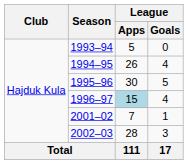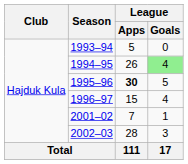 <table class="wikitable" style="text-align:center">
 <tr>
 <th rowspan="2">Club</th>
 <th rowspan="2">Season</th>
 <th colspan="2">League</th>
 </tr>
 <tr>
 <th>Apps</th>
 <th>Goals</th>
 </tr>
 <tr>
 <td rowspan="6"><a href='#'>Hajduk Kula</a></td>
 <td><a href='#'>1993–94</a></td>
 <td>5</td>
 <td>0</td>
 </tr>
 <tr>
 <td><a href='#'>1994–95</a></td>
 <td>26</td>
-<td>4</td>
+<td style="background: lightgreen;">4</td>
 </tr>
 <tr>
 <td><a href='#'>1995–96</a></td>
-<td>30</td>
+<td><strong>30</strong></td>
 <td>5</td>
 </tr>
 <tr>
 <td><a href='#'>1996–97</a></td>
-<td style="background: lightblue;">15</td>
+<td>15</td>
 <td>4</td>
 </tr>
 <tr>
 <td><a href='#'>2001–02</a></td>
 <td>7</td>
 <td>1</td>
 </tr>
 <tr>
 <td><a href='#'>2002–03</a></td>
 <td>28</td>
 <td>3</td>
 </tr>
 <tr>
 <th colspan=2>Total</th>
 <th>111</th>
 <th>17</th>
 </tr>
 </table>
